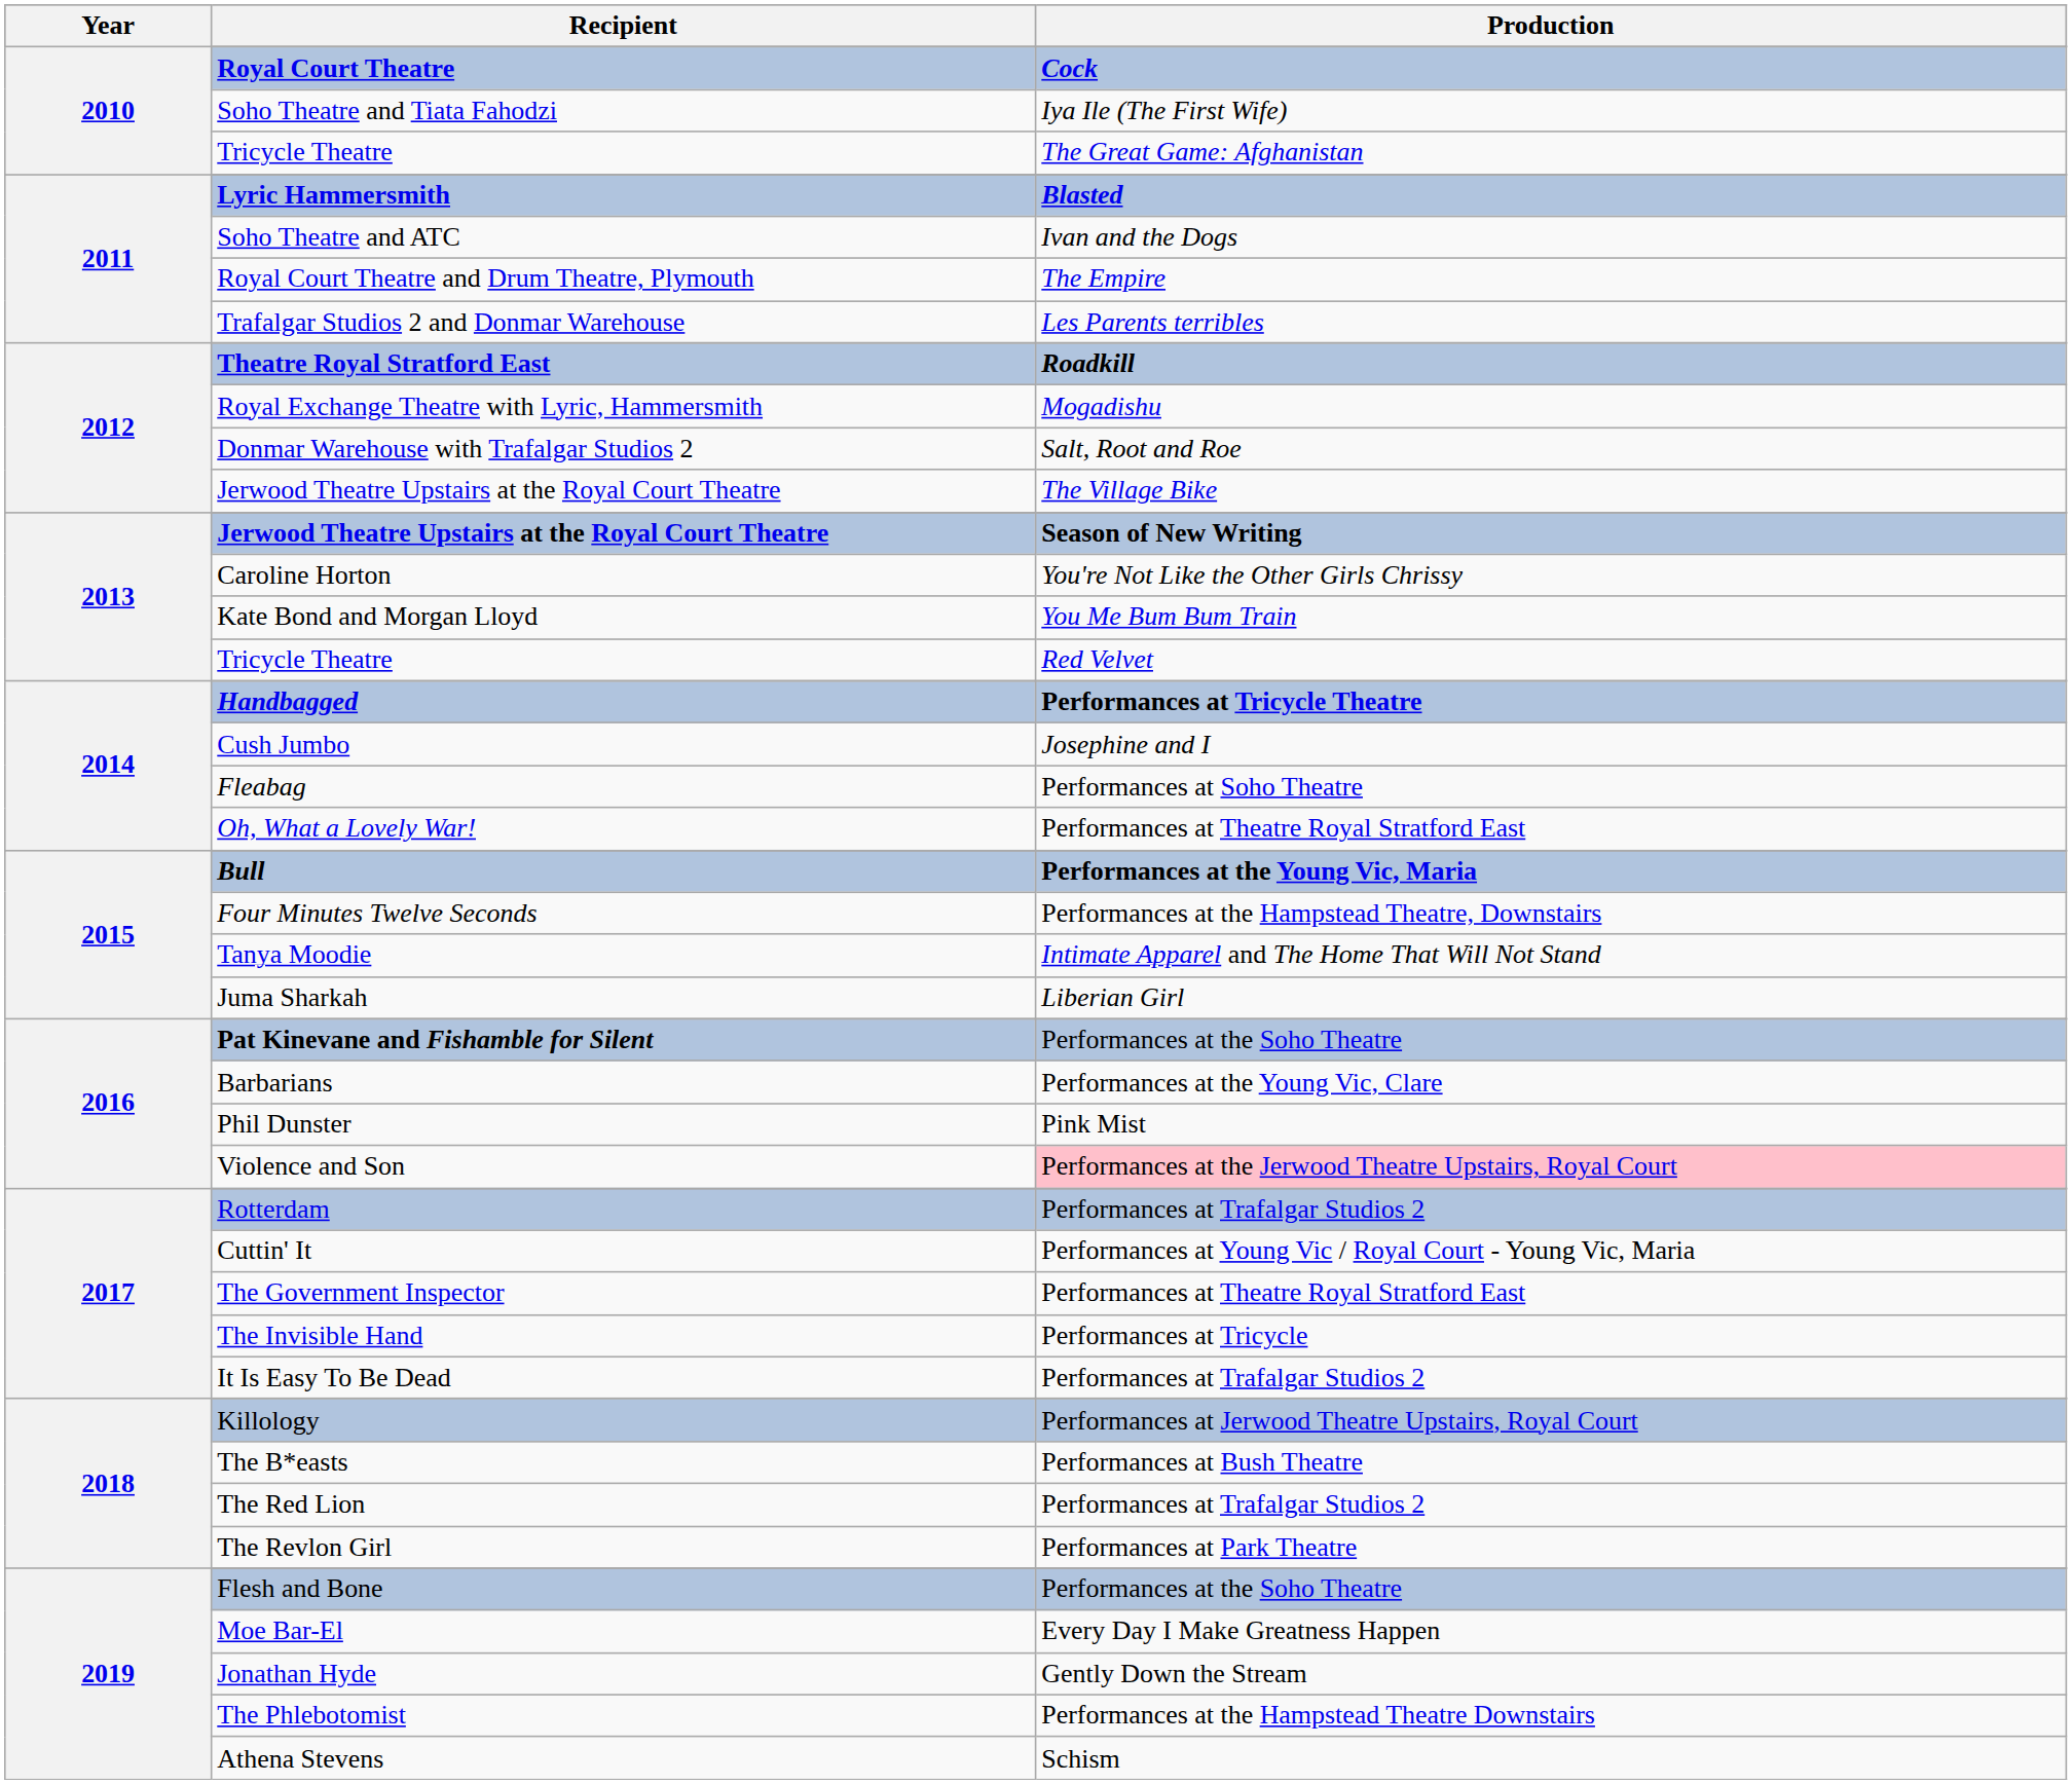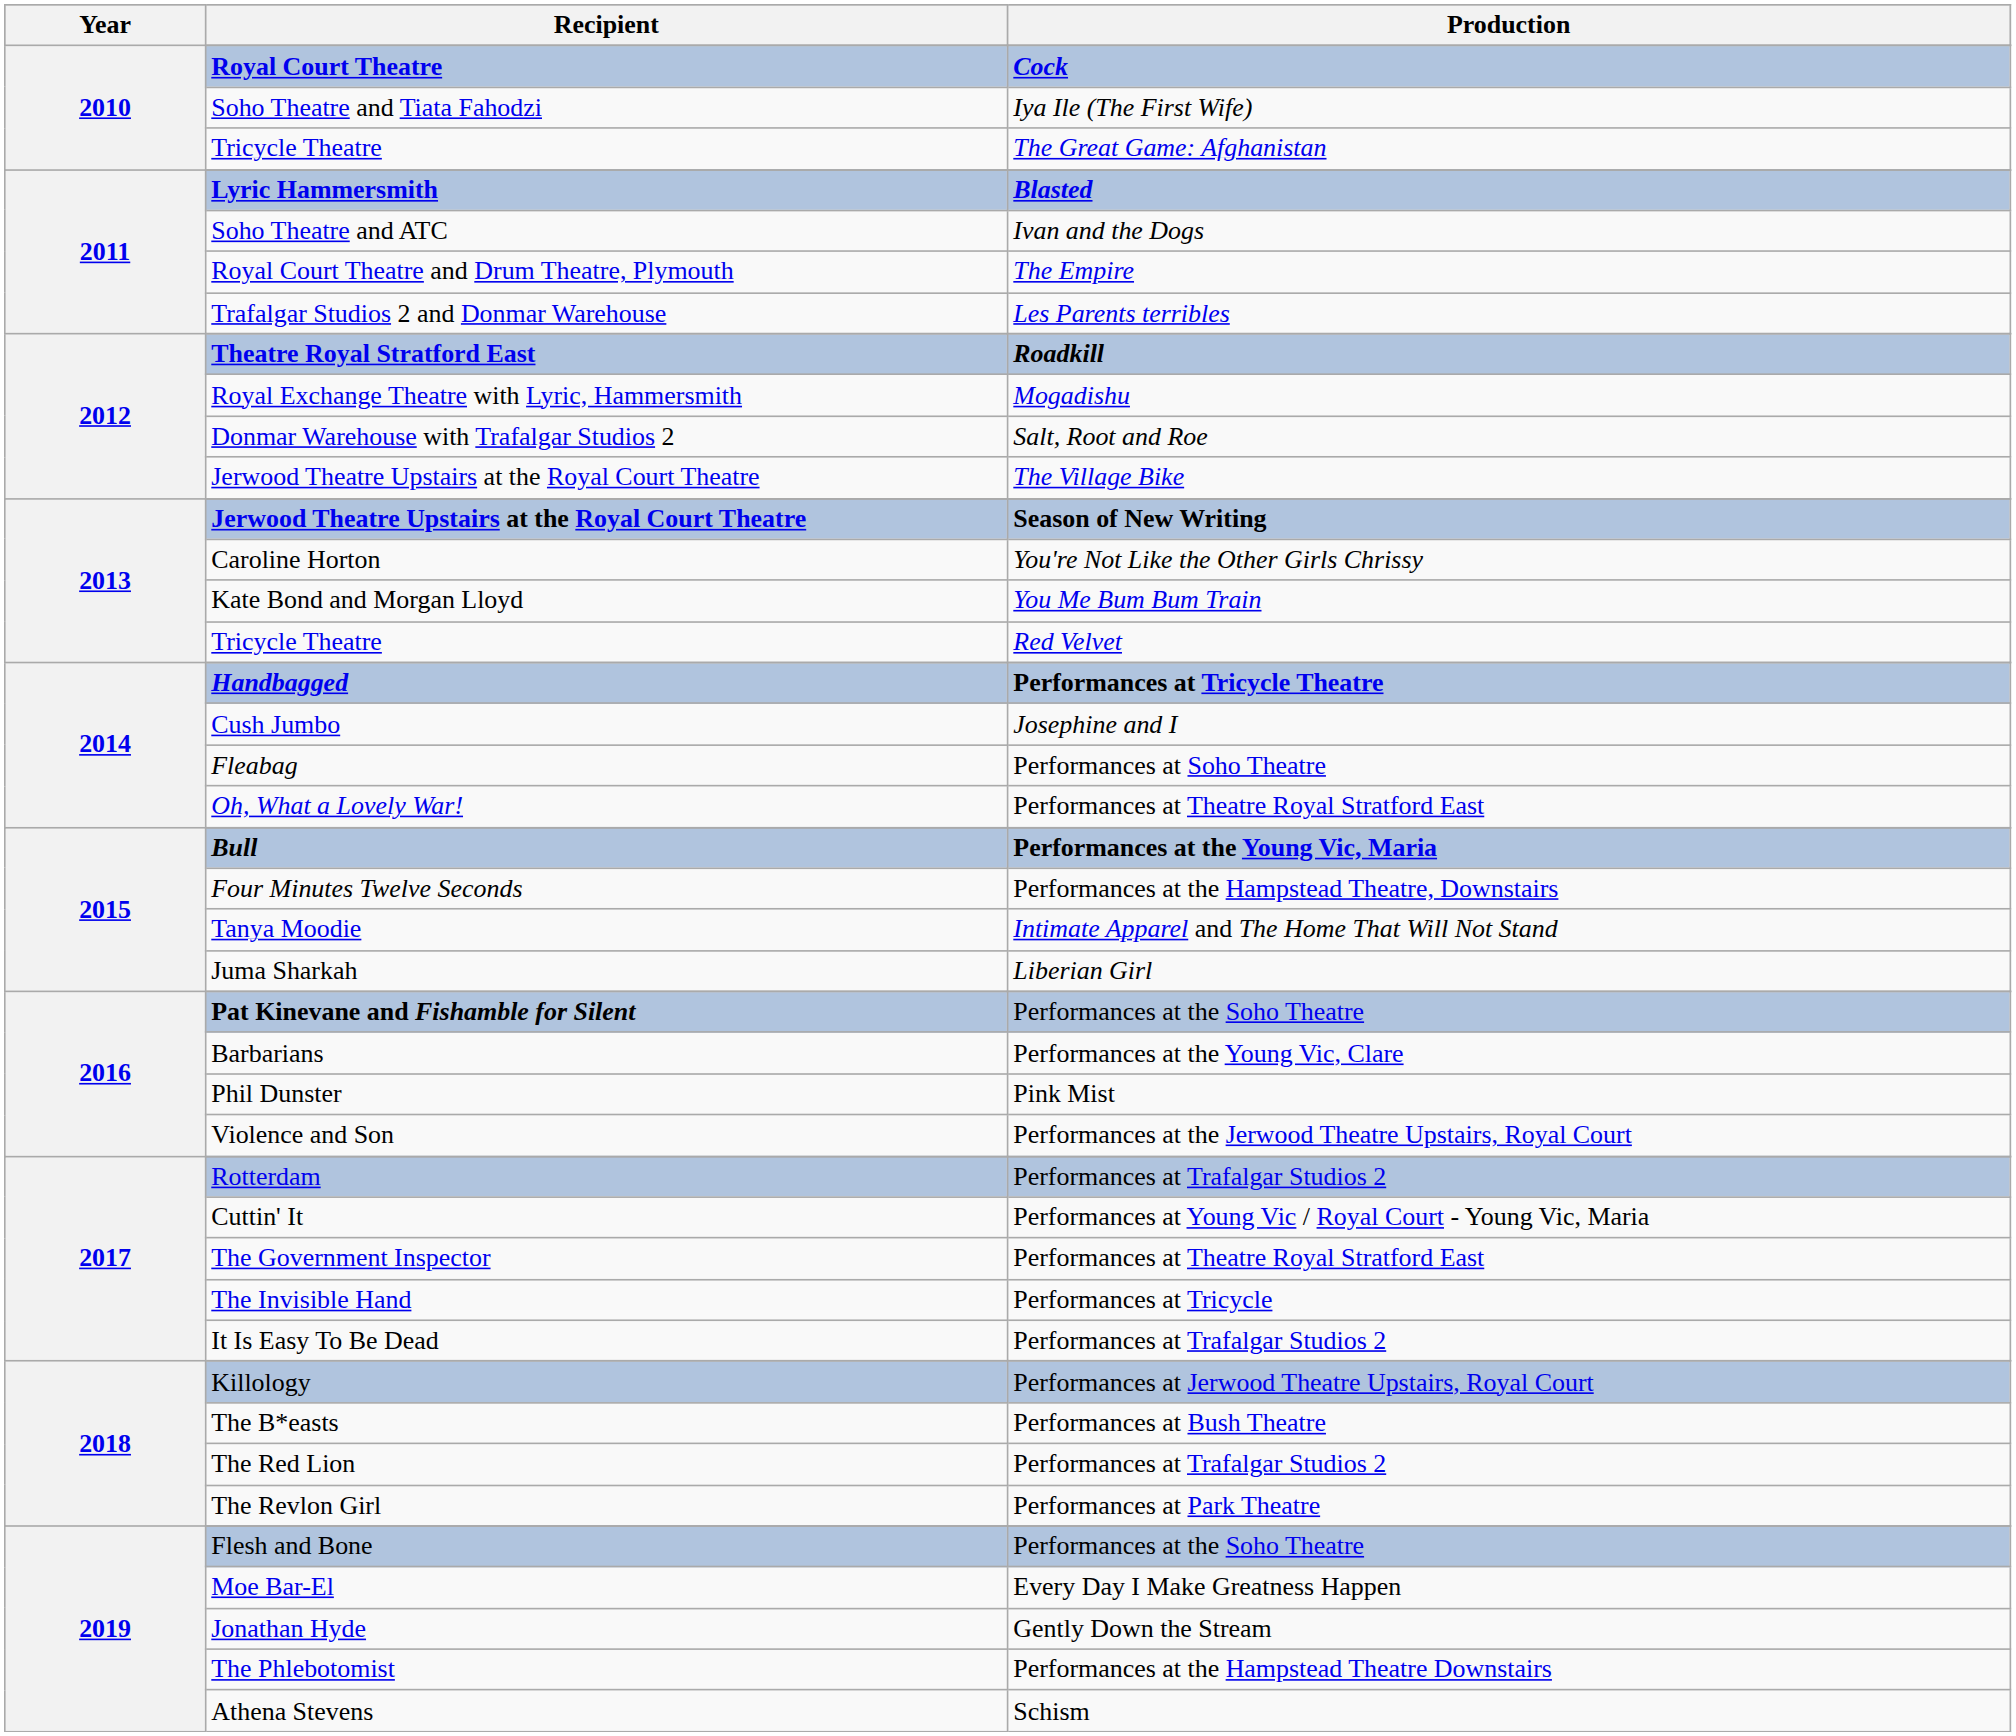 <table class="wikitable" style="width:98%;">
 <tr style="background:#bebebe;">
 <th style="width:10%;">Year</th>
 <th style="width:40%;">Recipient</th>
 <th style="width:50%;">Production</th>
 </tr>
 <tr>
 <th rowspan="4" align="center"><a href='#'>2010</a></th>
 </tr>
 <tr style="background:#B0C4DE">
 <td><strong><a href='#'>Royal Court Theatre</a></strong></td>
 <td><strong><em><a href='#'>Cock</a></em></strong></td>
 </tr>
 <tr>
 <td><a href='#'>Soho Theatre</a> and <a href='#'>Tiata Fahodzi</a></td>
 <td><em>Iya Ile (The First Wife)</em></td>
 </tr>
 <tr>
 <td><a href='#'>Tricycle Theatre</a></td>
 <td><em><a href='#'>The Great Game: Afghanistan</a></em></td>
 </tr>
 <tr>
 <th rowspan="5" align="center"><a href='#'>2011</a></th>
 </tr>
 <tr style="background:#B0C4DE">
 <td><strong><a href='#'>Lyric Hammersmith</a></strong></td>
 <td><strong><em><a href='#'>Blasted</a></em></strong></td>
 </tr>
 <tr>
 <td><a href='#'>Soho Theatre</a> and ATC</td>
 <td><em>Ivan and the Dogs</em></td>
 </tr>
 <tr>
 <td><a href='#'>Royal Court Theatre</a> and <a href='#'>Drum Theatre, Plymouth</a></td>
 <td><em><a href='#'>The Empire</a></em></td>
 </tr>
 <tr>
 <td><a href='#'>Trafalgar Studios</a> 2 and <a href='#'>Donmar Warehouse</a></td>
 <td><em><a href='#'>Les Parents terribles</a></em></td>
 </tr>
 <tr>
 <th rowspan="5" align="center"><a href='#'>2012</a></th>
 </tr>
 <tr style="background:#B0C4DE">
 <td><strong><a href='#'>Theatre Royal Stratford East</a></strong></td>
 <td><strong><em>Roadkill</em></strong></td>
 </tr>
 <tr>
 <td><a href='#'>Royal Exchange Theatre</a> with <a href='#'>Lyric, Hammersmith</a></td>
 <td><em><a href='#'>Mogadishu</a></em></td>
 </tr>
 <tr>
 <td><a href='#'>Donmar Warehouse</a> with <a href='#'>Trafalgar Studios</a> 2</td>
 <td><em>Salt, Root and Roe</em></td>
 </tr>
 <tr>
 <td><a href='#'>Jerwood Theatre Upstairs</a> at the <a href='#'>Royal Court Theatre</a></td>
 <td><em><a href='#'>The Village Bike</a></em></td>
 </tr>
 <tr>
 <th rowspan="5" align="center"><a href='#'>2013</a></th>
 </tr>
 <tr style="background:#B0C4DE">
 <td><strong><a href='#'>Jerwood Theatre Upstairs</a> at the <a href='#'>Royal Court Theatre</a></strong></td>
 <td><strong>Season of New Writing</strong></td>
 </tr>
 <tr>
 <td>Caroline Horton</td>
 <td><em>You're Not Like the Other Girls Chrissy</em></td>
 </tr>
 <tr>
 <td>Kate Bond and Morgan Lloyd</td>
 <td><em><a href='#'>You Me Bum Bum Train</a></em></td>
 </tr>
 <tr>
 <td><a href='#'>Tricycle Theatre</a></td>
 <td><em><a href='#'>Red Velvet</a></em></td>
 </tr>
 <tr>
 <th rowspan="5" align="center"><a href='#'>2014</a></th>
 </tr>
 <tr style="background:#B0C4DE">
 <td><strong><em><a href='#'>Handbagged</a></em></strong></td>
 <td><strong>Performances at <a href='#'>Tricycle Theatre</a></strong></td>
 </tr>
 <tr>
 <td><a href='#'>Cush Jumbo</a></td>
 <td><em>Josephine and I</em></td>
 </tr>
 <tr>
 <td><em>Fleabag</em></td>
 <td>Performances at <a href='#'>Soho Theatre</a></td>
 </tr>
 <tr>
 <td><em><a href='#'>Oh, What a Lovely War!</a></em></td>
 <td>Performances at <a href='#'>Theatre Royal Stratford East</a></td>
 </tr>
 <tr>
 <th rowspan="5" align="center"><a href='#'>2015</a></th>
 </tr>
 <tr style="background:#B0C4DE">
 <td><strong><em>Bull</em></strong></td>
 <td><strong>Performances at the <a href='#'>Young Vic, Maria</a></strong></td>
 </tr>
 <tr>
 <td><em>Four Minutes Twelve Seconds</em></td>
 <td>Performances at the <a href='#'>Hampstead Theatre, Downstairs</a></td>
 </tr>
 <tr>
 <td><a href='#'>Tanya Moodie</a></td>
 <td><em><a href='#'>Intimate Apparel</a></em> and <em>The Home That Will Not Stand</em></td>
 </tr>
 <tr>
 <td>Juma Sharkah</td>
 <td><em>Liberian Girl</em></td>
 </tr>
 <tr>
 <th rowspan="5" align="center"><a href='#'>2016</a></th>
 </tr>
 <tr style="background:#B0C4DE">
 <td><strong>Pat Kinevane and <em>Fishamble for Silent<strong><em></td>
 <td></strong>Performances at the <a href='#'>Soho Theatre</a><strong></td>
 </tr>
 <tr>
 <td></em>Barbarians<em></td>
 <td>Performances at the <a href='#'>Young Vic, Clare</a></td>
 </tr>
 <tr>
 <td>Phil Dunster</td>
 <td></em>Pink Mist<em></td>
 </tr>
 <tr>
 <td></em>Violence and Son<em></td>
-<td style="background: pink;">Performances at the <a href='#'>Jerwood Theatre Upstairs, Royal Court</a></td>
+<td>Performances at the <a href='#'>Jerwood Theatre Upstairs, Royal Court</a></td>
 </tr>
 <tr>
 <th rowspan="6"><a href='#'>2017</a></th>
 </tr>
 <tr style="background:#B0C4DE">
 <td></em></strong><a href='#'>Rotterdam</a><strong><em></td>
 <td></strong>Performances at <a href='#'>Trafalgar Studios 2</a><strong></td>
 </tr>
 <tr>
 <td></em>Cuttin' It<em></td>
 <td>Performances at <a href='#'>Young Vic</a> / <a href='#'>Royal Court</a> - Young Vic, Maria</td>
 </tr>
 <tr>
 <td></em><a href='#'>The Government Inspector</a><em></td>
 <td>Performances at <a href='#'>Theatre Royal Stratford East</a></td>
 </tr>
 <tr>
 <td><a href='#'></em>The Invisible Hand<em></a></td>
 <td>Performances at <a href='#'>Tricycle</a></td>
 </tr>
 <tr>
 <td></em>It Is Easy To Be Dead<em></td>
 <td>Performances at <a href='#'>Trafalgar Studios 2</a></td>
 </tr>
 <tr>
 <th rowspan="5" align="center"><a href='#'>2018</a></th>
 </tr>
 <tr style="background:#B0C4DE">
 <td></em></strong>Killology<strong><em></td>
 <td></strong>Performances at <a href='#'>Jerwood Theatre Upstairs, Royal Court</a><strong></td>
 </tr>
 <tr>
 <td></em>The B*easts<em></td>
 <td>Performances at <a href='#'>Bush Theatre</a></td>
 </tr>
 <tr>
 <td></em>The Red Lion<em></td>
 <td>Performances at <a href='#'>Trafalgar Studios 2</a></td>
 </tr>
 <tr>
 <td></em>The Revlon Girl<em></td>
 <td>Performances at <a href='#'>Park Theatre</a></td>
 </tr>
 <tr>
 <th rowspan=6 align=center><a href='#'>2019</a></th>
 </tr>
 <tr style="background:#B0C4DE">
 <td></em></strong>Flesh and Bone<strong><em></td>
 <td></strong>Performances at the <a href='#'>Soho Theatre</a><strong></td>
 </tr>
 <tr>
 <td><a href='#'>Moe Bar-El</a></td>
 <td></em>Every Day I Make Greatness Happen<em></td>
 </tr>
 <tr>
 <td><a href='#'>Jonathan Hyde</a></td>
 <td></em>Gently Down the Stream<em></td>
 </tr>
 <tr>
 <td></em><a href='#'>The Phlebotomist</a><em></td>
 <td>Performances at the <a href='#'>Hampstead Theatre Downstairs</a></td>
 </tr>
 <tr>
 <td>Athena Stevens</td>
 <td></em>Schism<em></td>
 </tr>
 </table>
